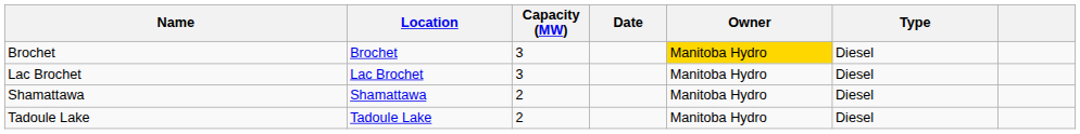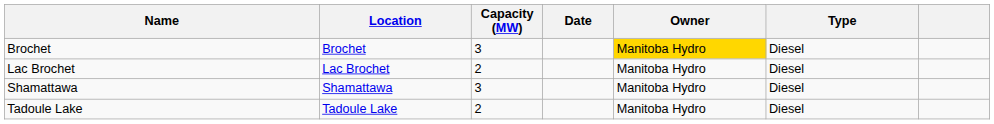 <table class="wikitable sortable">
 <tr>
 <th width="31%">Name</th>
 <th width="15%"><a href='#'>Location</a></th>
 <th width="7%">Capacity (<a href='#'>MW</a>)</th>
 <th width="7%">Date</th>
 <th width="15%">Owner</th>
 <th width="15%">Type</th>
 <th width="7%"></th>
 </tr>
 <tr>
 <td>Brochet</td>
 <td><a href='#'>Brochet</a></td>
 <td>3</td>
 <td></td>
 <td style="background: gold;">Manitoba Hydro</td>
 <td>Diesel</td>
 <td></td>
 </tr>
 <tr>
 <td>Lac Brochet</td>
 <td><a href='#'>Lac Brochet</a></td>
-<td>3</td>
+<td>2</td>
 <td></td>
 <td>Manitoba Hydro</td>
 <td>Diesel</td>
 <td></td>
 </tr>
 <tr>
 <td>Shamattawa</td>
 <td><a href='#'>Shamattawa</a></td>
-<td>2</td>
+<td>3</td>
 <td></td>
 <td>Manitoba Hydro</td>
 <td>Diesel</td>
 <td></td>
 </tr>
 <tr>
 <td>Tadoule Lake</td>
 <td><a href='#'>Tadoule Lake</a></td>
 <td>2</td>
 <td></td>
 <td>Manitoba Hydro</td>
 <td>Diesel</td>
 <td></td>
 </tr>
 </table>
